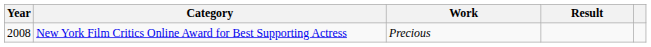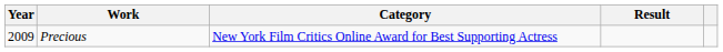 <table class="wikitable">
 <tr>
 <th scope="col" style="width:1em;">Year</th>
+<th scope="col" style="width:18em;">Work</th>
 <th scope="col" style="width:44em;">Category</th>
-<th scope="col" style="width:18em;">Work</th>
 <th scope="col" style="width:10em;">Result</th>
 <th class="unsortable" style="width:1em;"></th>
 </tr>
 <tr>
-<td>2008</td>
+<td>2009</td>
+<td><em>Precious</em></td>
 <td><a href='#'>New York Film Critics Online Award for Best Supporting Actress</a></td>
-<td><em>Precious</em></td>
 <td></td>
 <td></td>
 </tr>
 </table>
